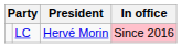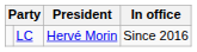 <table class="wikitable">
 <tr>
 <th colspan="2">Party</th>
 <th>President</th>
 <th>In office</th>
 </tr>
 <tr>
 <td></td>
 <td><a href='#'>LC</a></td>
 <td><a href='#'>Hervé Morin</a></td>
-<td style="background: pink;">Since 2016</td>
+<td>Since 2016</td>
 </tr>
 </table>
